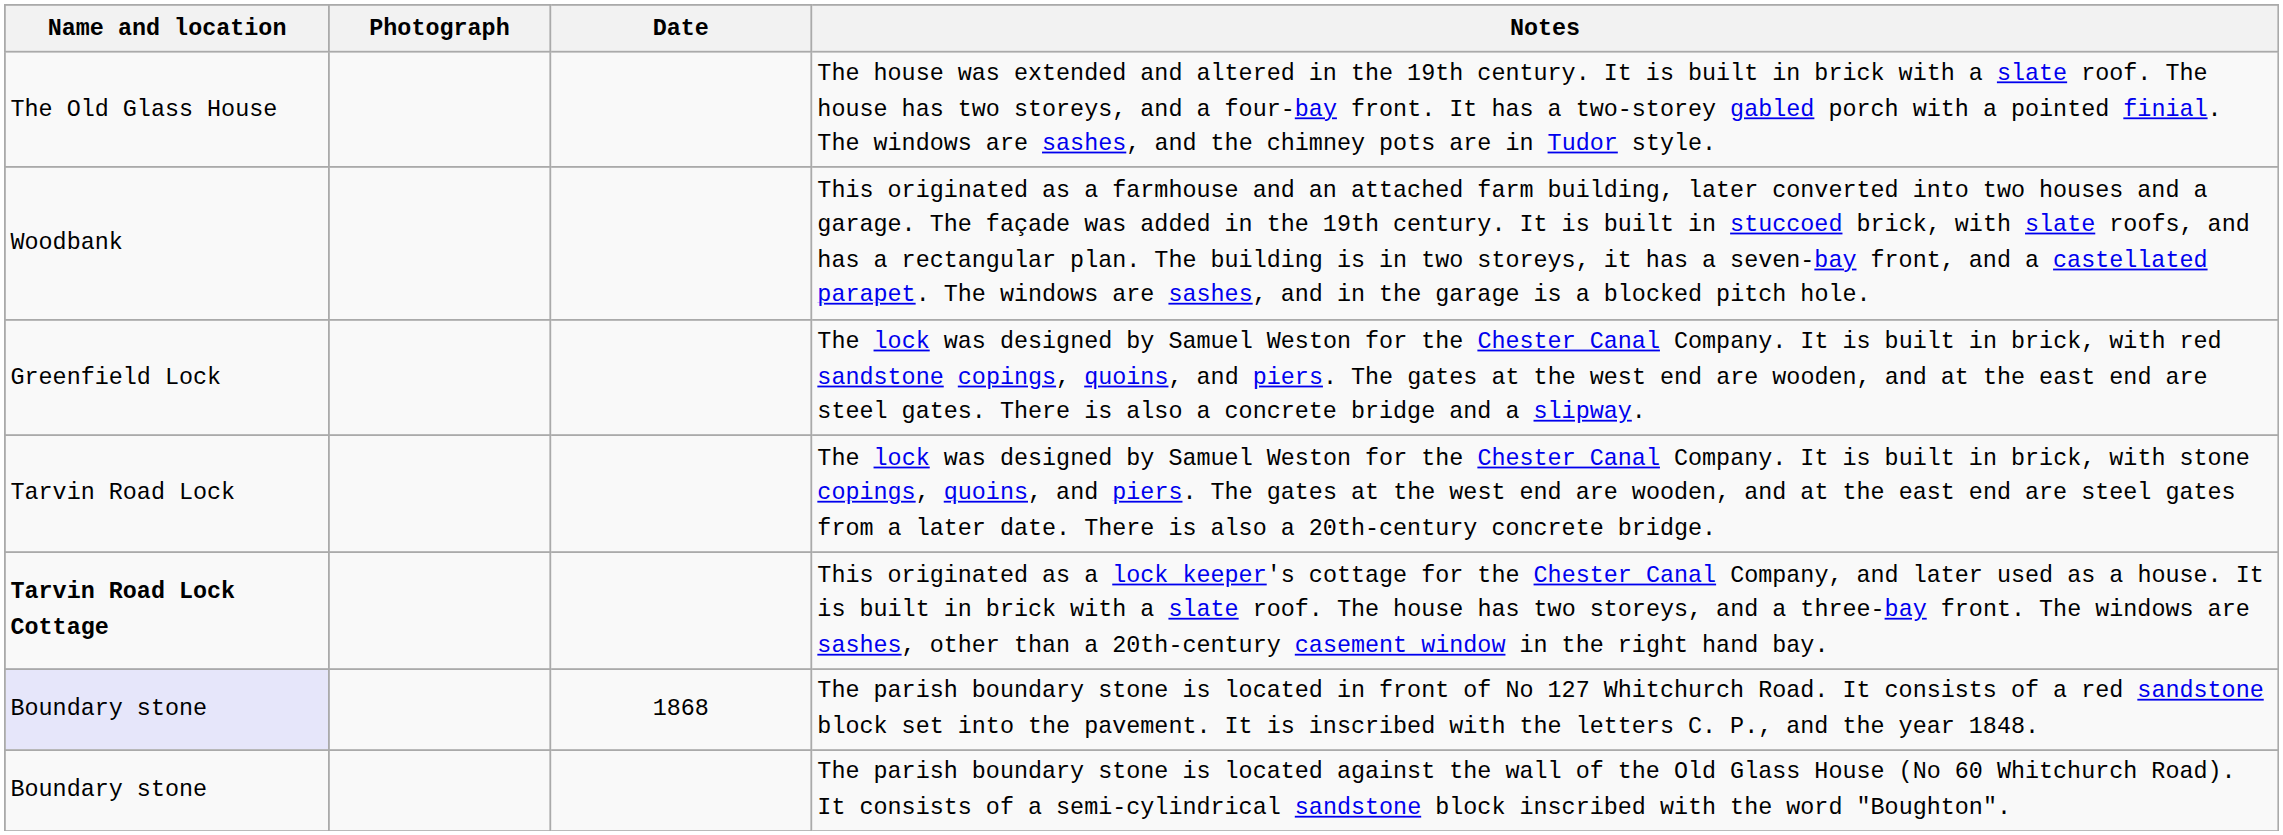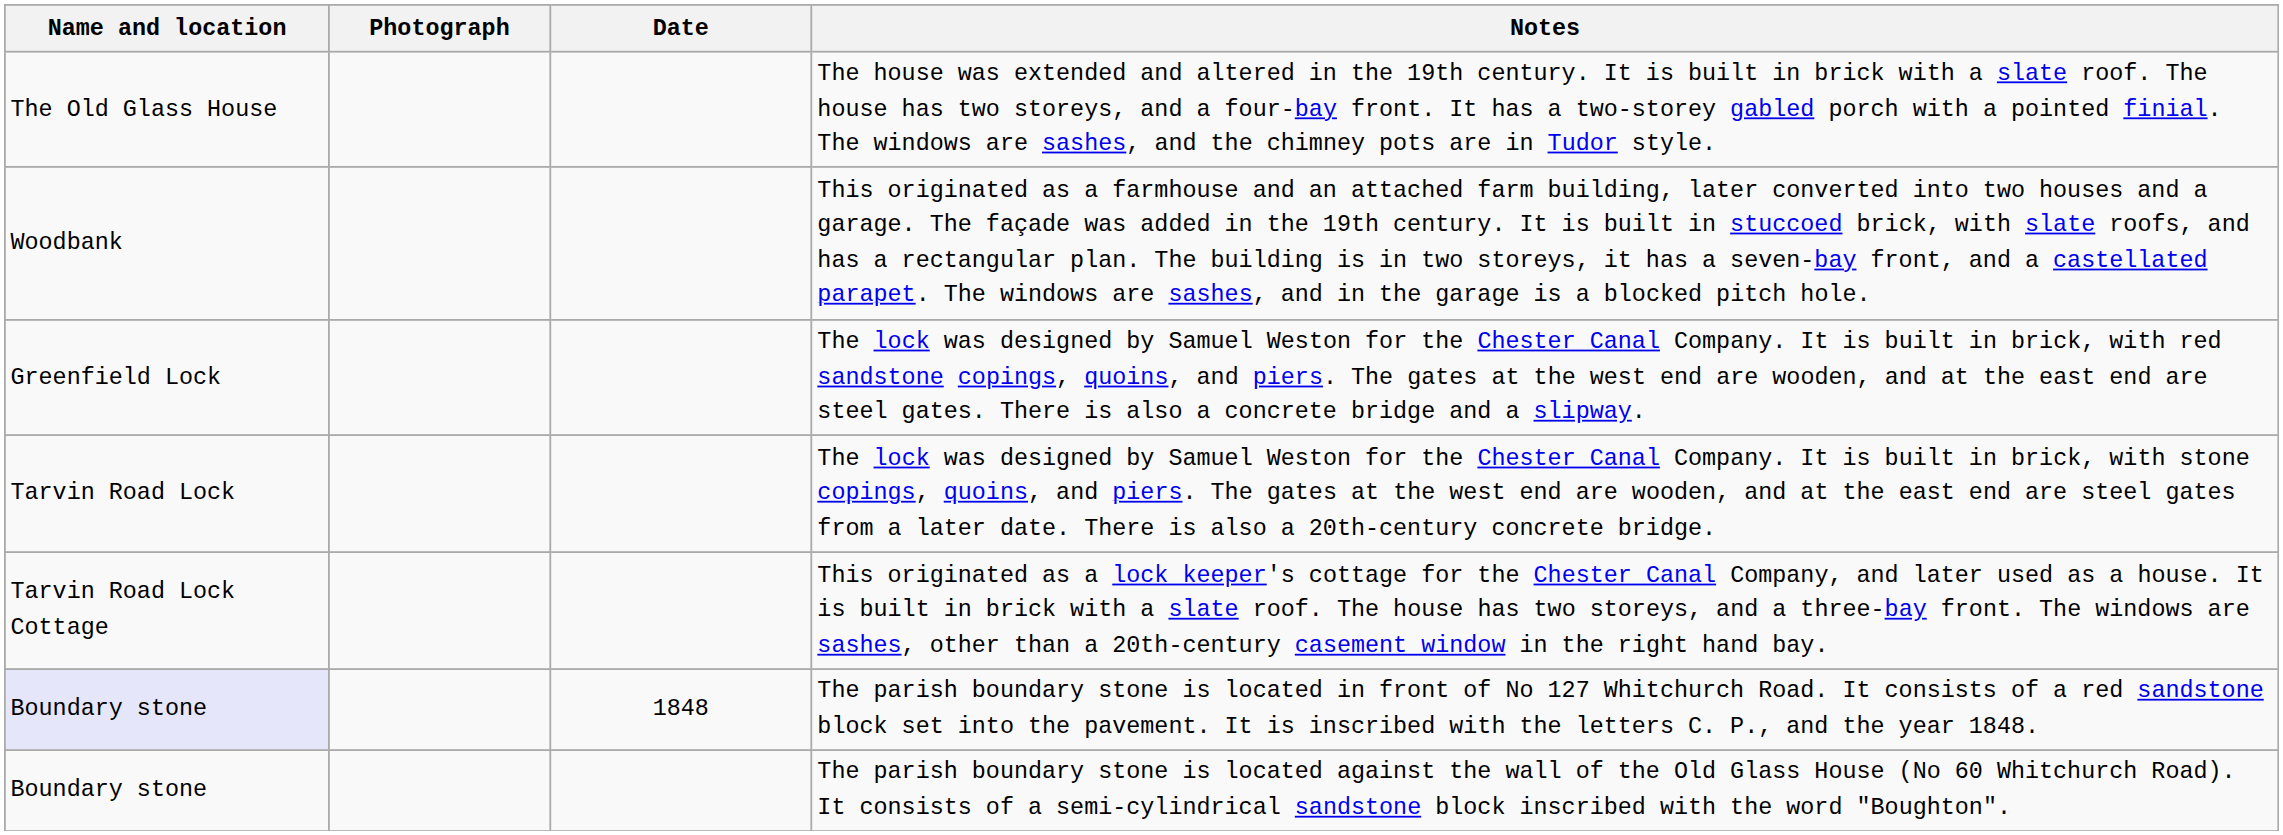 <table class="wikitable sortable plainrowheaders" style="width:100%;border:0px;text-align:left;line-height:150%;">
 <tr>
 <th scope="col"  style="width:150px">Name and location</th>
 <th scope="col"  style="width:100px" class="unsortable">Photograph</th>
 <th scope="col"  style="width:120px">Date</th>
 <th scope="col"  style="width:700px" class="unsortable">Notes</th>
 </tr>
 <tr>
 <td>The Old Glass House<br><small></small></td>
 <td></td>
 <td align="center"></td>
 <td>The house was extended and altered in the 19th century.  It is built in brick with a <a href='#'>slate</a> roof.  The house has two storeys, and a four-<a href='#'>bay</a> front.  It has a two-storey <a href='#'>gabled</a> porch with a pointed <a href='#'>finial</a>.  The windows are <a href='#'>sashes</a>, and the chimney pots are in <a href='#'>Tudor</a> style.</td>
 </tr>
 <tr>
 <td>Woodbank<br><small></small></td>
 <td></td>
 <td align="center"></td>
 <td>This originated as a farmhouse and an attached farm building, later converted into two houses and a garage.  The façade was added in the 19th century.  It is built in <a href='#'>stuccoed</a> brick, with <a href='#'>slate</a> roofs, and has a rectangular plan.  The building is in two storeys, it has a seven-<a href='#'>bay</a> front, and a <a href='#'>castellated</a> <a href='#'>parapet</a>.  The windows are <a href='#'>sashes</a>, and in the garage is a blocked pitch hole.</td>
 </tr>
 <tr>
 <td>Greenfield Lock<br><small></small></td>
 <td></td>
 <td align="center"></td>
 <td>The <a href='#'>lock</a> was designed by Samuel Weston for the <a href='#'>Chester Canal</a> Company.  It is built in brick, with red <a href='#'>sandstone</a> <a href='#'>copings</a>, <a href='#'>quoins</a>, and <a href='#'>piers</a>.  The gates at the west end are wooden, and at the east end are steel gates.  There is also a concrete bridge and a <a href='#'>slipway</a>.</td>
 </tr>
 <tr>
 <td>Tarvin Road Lock<br><small></small></td>
 <td></td>
 <td align="center"></td>
 <td>The <a href='#'>lock</a> was designed by Samuel Weston for the <a href='#'>Chester Canal</a> Company.  It is built in brick, with stone <a href='#'>copings</a>, <a href='#'>quoins</a>, and <a href='#'>piers</a>.  The gates at the west end are wooden, and at the east end are steel gates from a later date.  There is also a 20th-century concrete bridge.</td>
 </tr>
 <tr>
-<td><strong>Tarvin Road Lock Cottage<br><small></small></strong></td>
+<td>Tarvin Road Lock Cottage<br><small></small></td>
 <td></td>
 <td align="center"></td>
 <td>This originated as a <a href='#'>lock keeper</a>'s cottage for the <a href='#'>Chester Canal</a> Company, and later used as a house.  It is built in brick with a <a href='#'>slate</a> roof.  The house has two storeys, and a three-<a href='#'>bay</a> front.  The windows are <a href='#'>sashes</a>, other than a 20th-century <a href='#'>casement window</a> in the right hand bay.</td>
 </tr>
 <tr>
 <td style="background: lavender;">Boundary stone<br><small></small></td>
 <td></td>
-<td align="center">1868</td>
+<td align="center">1848</td>
 <td>The parish boundary stone is located in front of No 127 Whitchurch Road.  It consists of a red <a href='#'>sandstone</a> block set into the pavement.  It is inscribed with the letters C. P., and the year 1848.</td>
 </tr>
 <tr>
 <td>Boundary stone<br><small></small></td>
 <td></td>
 <td align="center"></td>
 <td>The parish boundary stone is located against the wall of the Old Glass House (No 60 Whitchurch Road).  It consists of a semi-cylindrical <a href='#'>sandstone</a> block inscribed with the word "Boughton".</td>
 </tr>
 <tr>
 </tr>
 </table>
